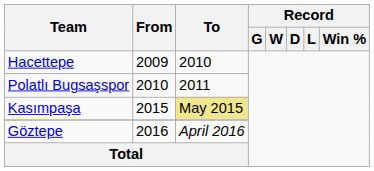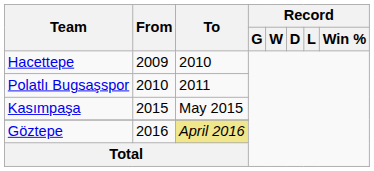 <table class="wikitable" style="text-align: center">
 <tr>
 <th rowspan="2">Team</th>
 <th rowspan="2">From</th>
 <th rowspan="2">To</th>
 <th colspan="5">Record</th>
 </tr>
 <tr>
 <th>G</th>
 <th>W</th>
 <th>D</th>
 <th>L</th>
 <th>Win %</th>
 </tr>
 <tr |->
 <td align=left><a href='#'>Hacettepe</a></td>
 <td align=left>2009</td>
 <td align=left>2010<br></td>
 </tr>
 <tr |->
 <td align=left><a href='#'>Polatlı Bugsaşspor</a></td>
 <td align=left>2010</td>
 <td align=left>2011<br></td>
 </tr>
 <tr |->
 <td align=left><a href='#'>Kasımpaşa</a></td>
 <td align=left>2015</td>
-<td align=left style="background: khaki;">May 2015<br></td>
+<td align=left>May 2015<br></td>
 </tr>
 <tr>
 </tr>
 <tr |->
 <td align=left><a href='#'>Göztepe</a></td>
 <td align=left>2016</td>
-<td align=left><em>April 2016</em><br></td>
+<td align=left style="background: khaki;"><em>April 2016</em><br></td>
 </tr>
 <tr>
 <th colspan="3">Total<br></th>
 </tr>
 </table>
